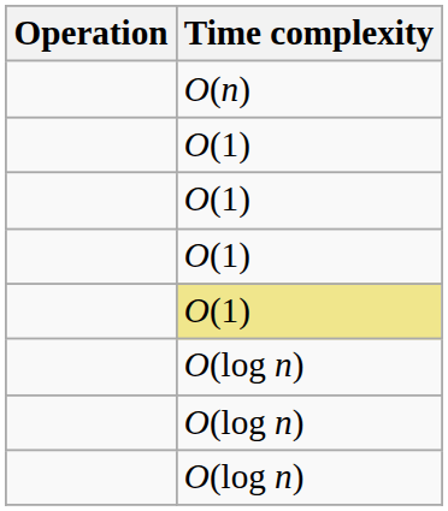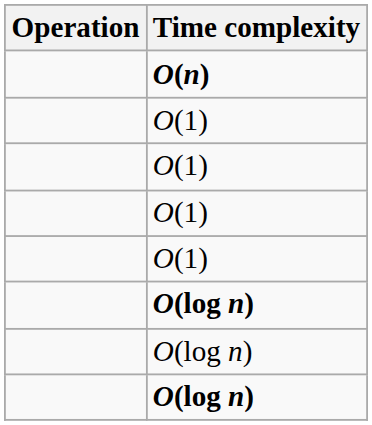 <table class="wikitable sortable">
 <tr>
 <th>Operation</th>
 <th>Time complexity</th>
 </tr>
 <tr>
 <td></td>
-<td><em>O</em>(<em>n</em>)</td>
+<td><strong><em>O</em>(<em>n</em>)</strong></td>
 </tr>
 <tr>
 <td></td>
 <td><em>O</em>(1)</td>
 </tr>
 <tr>
 <td></td>
 <td><em>O</em>(1)</td>
 </tr>
 <tr>
 <td></td>
 <td><em>O</em>(1)</td>
 </tr>
 <tr>
 <td></td>
-<td style="background: khaki;"><em>O</em>(1)</td>
+<td><em>O</em>(1)</td>
+</tr>
+<tr>
+<td></td>
+<td><strong><em>O</em>(log <em>n</em>)</strong></td>
 </tr>
 <tr>
 <td></td>
 <td><em>O</em>(log <em>n</em>)</td>
 </tr>
 <tr>
 <td></td>
-<td><em>O</em>(log <em>n</em>)</td>
-</tr>
-<tr>
-<td></td>
-<td><em>O</em>(log <em>n</em>)</td>
+<td><strong><em>O</em>(log <em>n</em>)</strong></td>
 </tr>
 </table>
